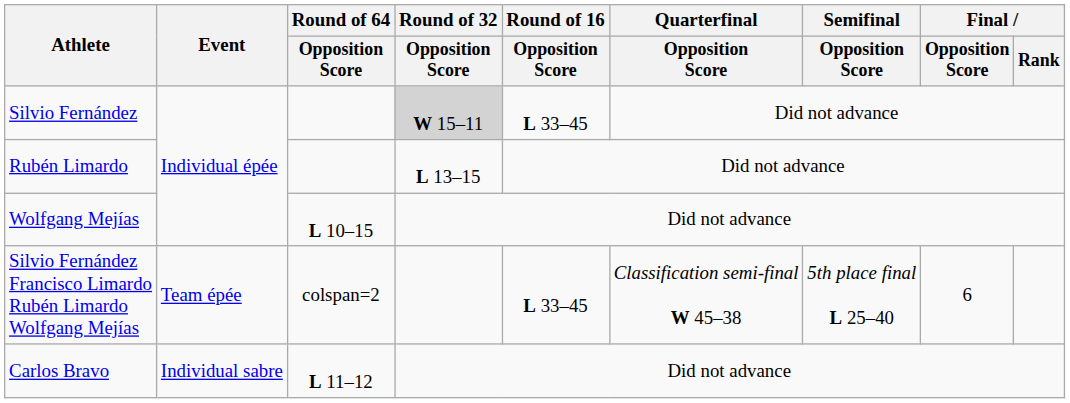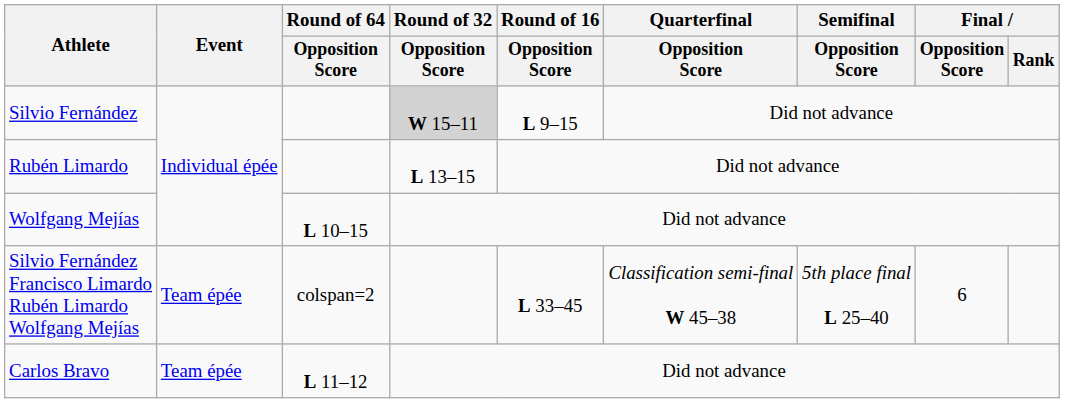 <table class="wikitable" style="font-size:90%">
 <tr>
 <th rowspan="2">Athlete</th>
 <th rowspan="2">Event</th>
 <th>Round of 64</th>
 <th>Round of 32</th>
 <th>Round of 16</th>
 <th>Quarterfinal</th>
 <th>Semifinal</th>
 <th colspan=2>Final / </th>
 </tr>
 <tr style="font-size:95%">
 <th>Opposition <br> Score</th>
 <th>Opposition <br> Score</th>
 <th>Opposition <br> Score</th>
 <th>Opposition <br> Score</th>
 <th>Opposition <br> Score</th>
 <th>Opposition <br> Score</th>
 <th>Rank</th>
 </tr>
 <tr align=center>
 <td align=left><a href='#'>Silvio Fernández</a></td>
 <td align=left rowspan=3><a href='#'>Individual épée</a></td>
 <td></td>
 <td style="background: lightgrey;"><br><strong>W</strong> 15–11</td>
-<td><br><strong>L</strong> 33–45</td>
+<td><br><strong>L</strong> 9–15</td>
 <td colspan=4>Did not advance</td>
 </tr>
 <tr align=center>
 <td align=left><a href='#'>Rubén Limardo</a></td>
 <td></td>
 <td><br><strong>L</strong> 13–15</td>
 <td colspan=5>Did not advance</td>
 </tr>
 <tr align=center>
 <td align=left><a href='#'>Wolfgang Mejías</a></td>
 <td><br><strong>L</strong> 10–15</td>
 <td colspan=6>Did not advance</td>
 </tr>
 <tr align=center>
 <td align=left><a href='#'>Silvio Fernández</a><br><a href='#'>Francisco Limardo</a><br><a href='#'>Rubén Limardo</a><br><a href='#'>Wolfgang Mejías</a></td>
 <td align=left><a href='#'>Team épée</a></td>
 <td>colspan=2 </td>
 <td></td>
 <td><br><strong>L</strong> 33–45</td>
 <td><em>Classification semi-final</em> <br><br><strong>W</strong> 45–38</td>
 <td><em>5th place final</em> <br><br><strong>L</strong> 25–40</td>
 <td>6</td>
 </tr>
 <tr align=center>
 <td align=left><a href='#'>Carlos Bravo</a></td>
-<td align=left><a href='#'>Individual sabre</a></td>
+<td align=left><a href='#'>Team épée</a></td>
 <td><br><strong>L</strong> 11–12</td>
 <td colspan=6>Did not advance</td>
 </tr>
 </table>
